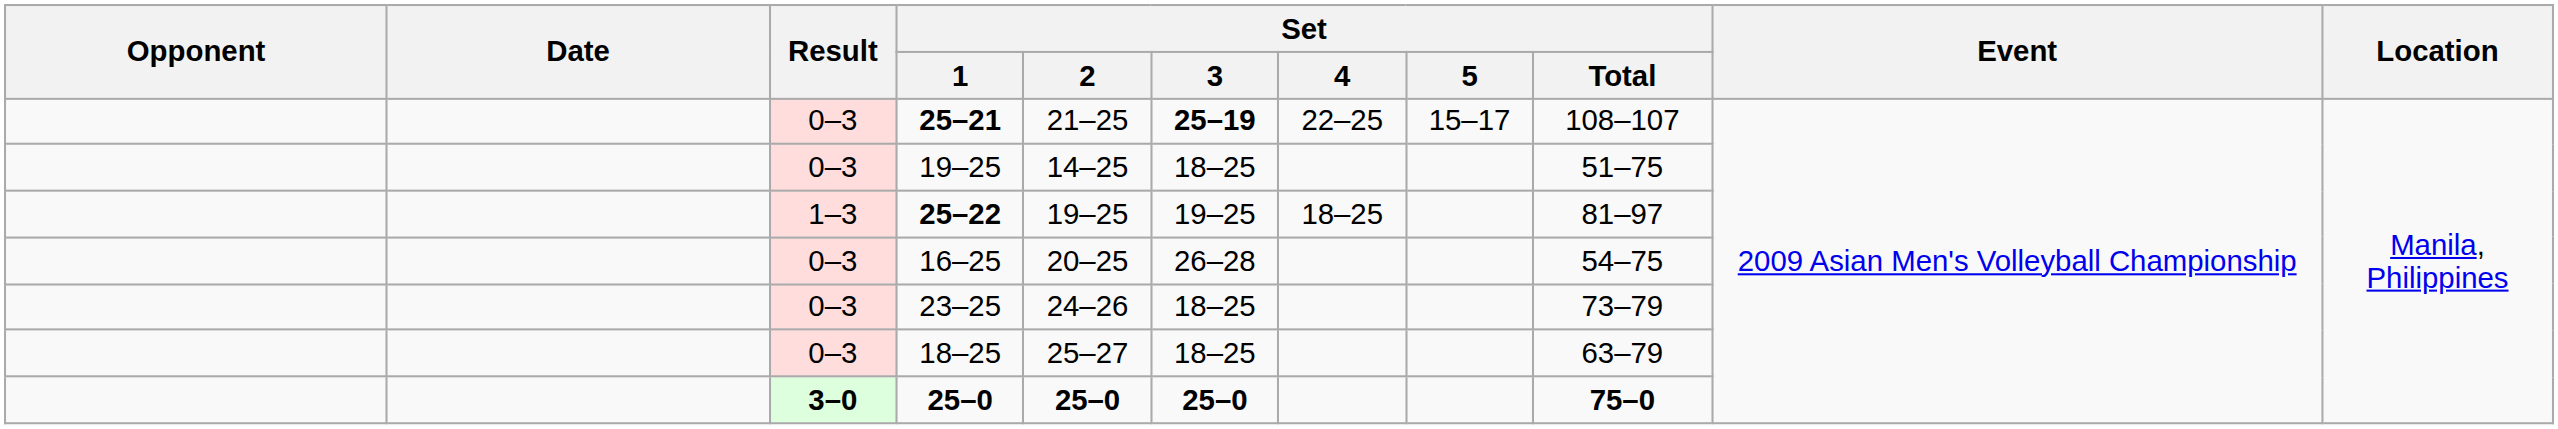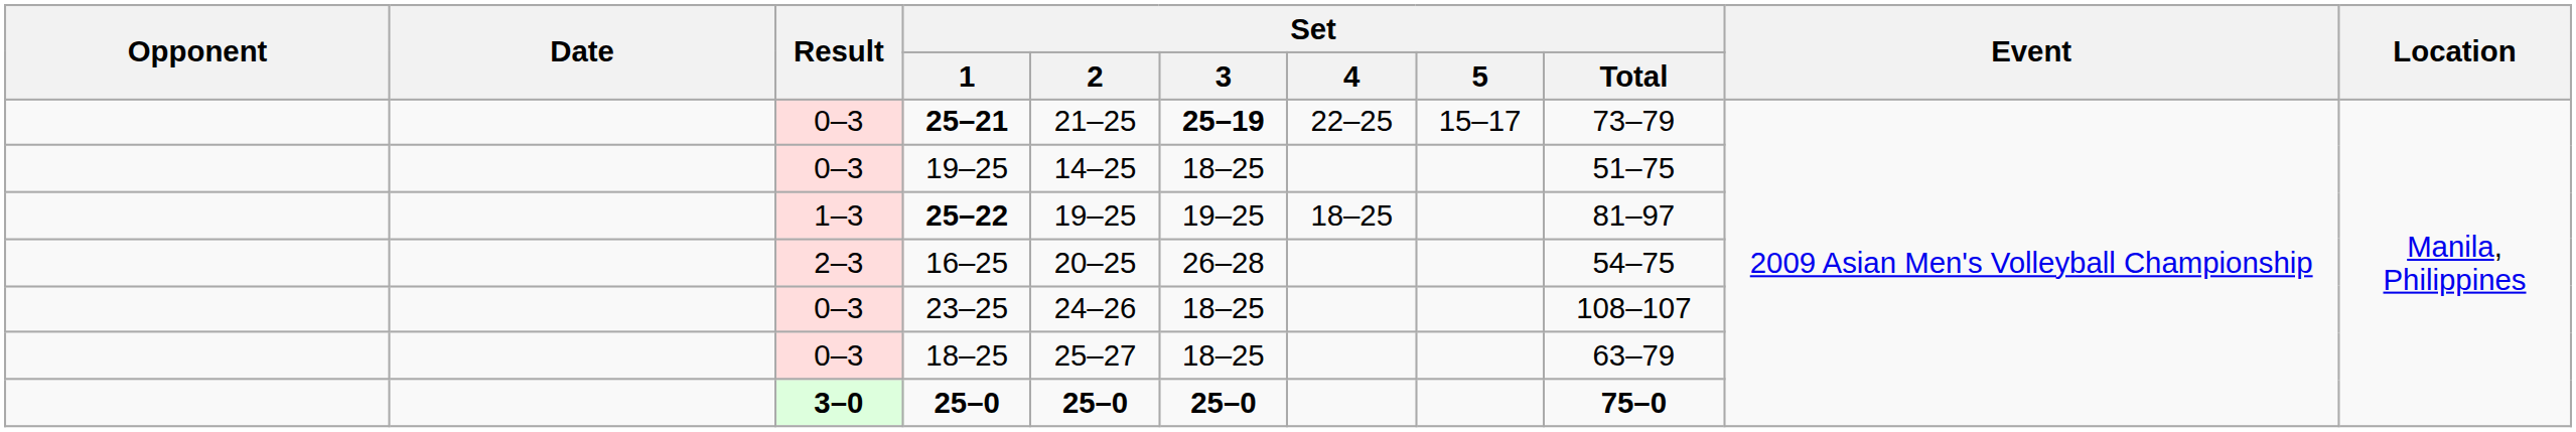 <table class="wikitable" style="font-size: 90%">
 <tr>
 <th rowspan=2 width=15%>Opponent</th>
 <th rowspan=2 width=15%>Date</th>
 <th rowspan=2 width=5%>Result</th>
 <th colspan=6>Set</th>
 <th rowspan=2 width=24%>Event</th>
 <th rowspan=2 width=16%>Location</th>
 </tr>
 <tr>
 <th width=5%>1</th>
 <th width=5%>2</th>
 <th width=5%>3</th>
 <th width=5%>4</th>
 <th width=5%>5</th>
 <th width=7%>Total</th>
 </tr>
 <tr style="text-align:center;">
 <td style="text-align:left;"></td>
 <td></td>
 <td style="background:#ffdddd;">0–3</td>
 <td><strong>25–21</strong></td>
 <td>21–25</td>
 <td><strong>25–19</strong></td>
 <td>22–25</td>
 <td>15–17</td>
-<td>108–107</td>
+<td>73–79</td>
 <td rowspan=7><a href='#'>2009 Asian Men's Volleyball Championship</a></td>
 <td rowspan=7><a href='#'>Manila</a>, <a href='#'>Philippines</a></td>
 </tr>
 <tr style="text-align:center;">
 <td style="text-align:left;"></td>
 <td></td>
 <td style="background:#ffdddd;">0–3</td>
 <td>19–25</td>
 <td>14–25</td>
 <td>18–25</td>
 <td></td>
 <td></td>
 <td>51–75</td>
 </tr>
 <tr style="text-align:center;">
 <td style="text-align:left;"></td>
 <td></td>
 <td style="background:#ffdddd;">1–3</td>
 <td><strong>25–22</strong></td>
 <td>19–25</td>
 <td>19–25</td>
 <td>18–25</td>
 <td></td>
 <td>81–97</td>
 </tr>
 <tr style="text-align:center;">
 <td style="text-align:left;"></td>
 <td></td>
-<td style="background:#ffdddd;">0–3</td>
+<td style="background:#ffdddd;">2–3</td>
 <td>16–25</td>
 <td>20–25</td>
 <td>26–28</td>
 <td></td>
 <td></td>
 <td>54–75</td>
 </tr>
 <tr style="text-align:center;">
 <td style="text-align:left;"></td>
 <td></td>
 <td style="background:#ffdddd;">0–3</td>
 <td>23–25</td>
 <td>24–26</td>
 <td>18–25</td>
 <td></td>
 <td></td>
-<td>73–79</td>
+<td>108–107</td>
 </tr>
 <tr style="text-align:center;">
 <td style="text-align:left;"></td>
 <td></td>
 <td style="background:#ffdddd;">0–3</td>
 <td>18–25</td>
 <td>25–27</td>
 <td>18–25</td>
 <td></td>
 <td></td>
 <td>63–79</td>
 </tr>
 <tr style="text-align:center;">
 <td style="text-align:left;"></td>
 <td></td>
 <td style="background:#ddffdd;"><strong>3–0</strong></td>
 <td><strong>25–0</strong></td>
 <td><strong>25–0</strong></td>
 <td><strong>25–0</strong></td>
 <td></td>
 <td></td>
 <td><strong>75–0</strong></td>
 </tr>
 </table>
